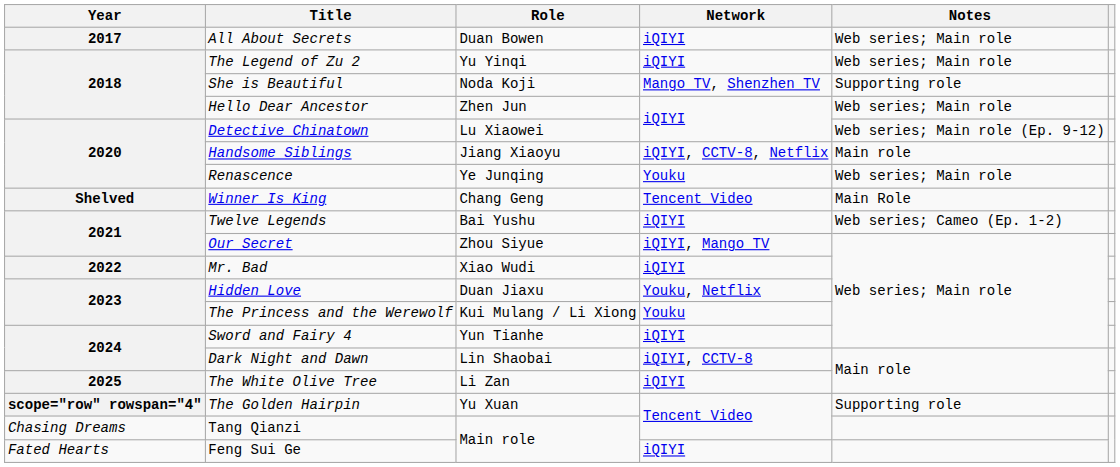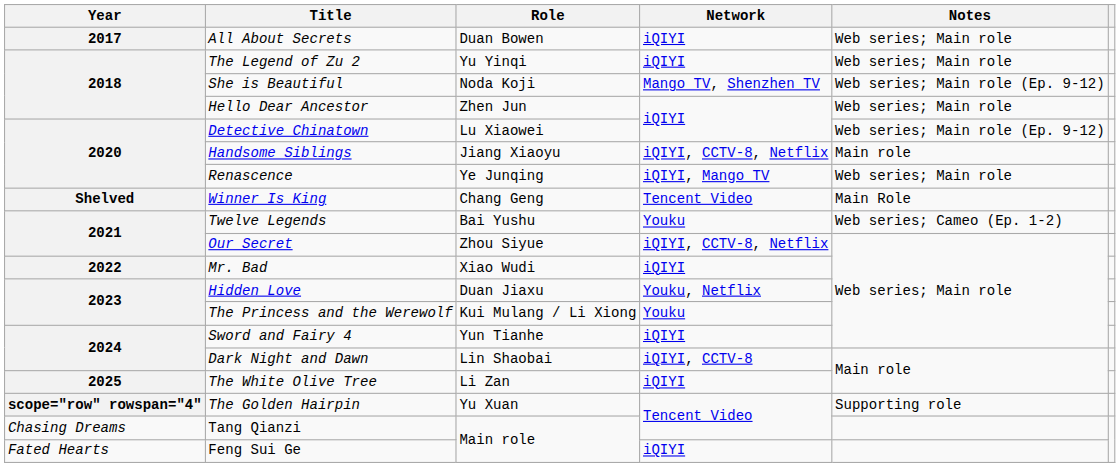 <table class="wikitable sortable plainrowheaders">
 <tr>
 <th scope="col">Year</th>
 <th scope="col">Title</th>
 <th scope="col">Role</th>
 <th scope="col">Network</th>
 <th scope="col">Notes</th>
 <th scope="col" class="unsortable"></th>
 </tr>
 <tr>
 <th scope="row">2017</th>
 <td><em>All About Secrets</em></td>
 <td>Duan Bowen</td>
 <td><a href='#'>iQIYI</a></td>
 <td>Web series; Main role</td>
 <td></td>
 </tr>
 <tr>
 <th scope="row" rowspan="3">2018</th>
 <td><em>The Legend of Zu 2</em></td>
 <td>Yu Yinqi</td>
 <td><a href='#'>iQIYI</a></td>
 <td>Web series; Main role</td>
 <td></td>
 </tr>
 <tr>
 <td><em>She is Beautiful</em></td>
 <td>Noda Koji</td>
 <td><a href='#'>Mango TV</a>, <a href='#'>Shenzhen TV</a></td>
-<td>Supporting role</td>
+<td>Web series; Main role (Ep. 9-12)</td>
 <td></td>
 </tr>
 <tr>
 <td><em>Hello Dear Ancestor</em></td>
 <td>Zhen Jun</td>
 <td rowspan="2"><a href='#'>iQIYI</a></td>
 <td>Web series; Main role</td>
 <td></td>
 </tr>
 <tr>
 <th scope="row" rowspan="3">2020</th>
 <td><em><a href='#'>Detective Chinatown</a></em></td>
 <td>Lu Xiaowei</td>
 <td>Web series; Main role (Ep. 9-12)</td>
 <td></td>
 </tr>
 <tr>
 <td><em><a href='#'>Handsome Siblings</a></em></td>
 <td>Jiang Xiaoyu</td>
 <td><a href='#'>iQIYI</a>, <a href='#'>CCTV-8</a>, <a href='#'>Netflix</a></td>
 <td>Main role</td>
 <td></td>
 </tr>
 <tr>
 <td><em>Renascence</em></td>
 <td>Ye Junqing</td>
-<td><a href='#'>Youku</a></td>
+<td><a href='#'>iQIYI</a>, <a href='#'>Mango TV</a></td>
 <td>Web series; Main role</td>
 <td></td>
 </tr>
 <tr>
 <th><strong>Shelved</strong></th>
 <td><em><a href='#'>Winner Is King</a></em></td>
 <td>Chang Geng</td>
 <td><a href='#'>Tencent Video</a></td>
 <td>Main Role</td>
 <td></td>
 </tr>
 <tr>
 <th scope="row" rowspan="2">2021</th>
 <td><em>Twelve Legends</em></td>
 <td>Bai Yushu</td>
-<td><a href='#'>iQIYI</a></td>
+<td><a href='#'>Youku</a></td>
 <td>Web series; Cameo (Ep. 1-2)</td>
 <td></td>
 </tr>
 <tr>
 <td><em><a href='#'>Our Secret</a></em></td>
 <td>Zhou Siyue</td>
-<td><a href='#'>iQIYI</a>, <a href='#'>Mango TV</a></td>
+<td><a href='#'>iQIYI</a>, <a href='#'>CCTV-8</a>, <a href='#'>Netflix</a></td>
 <td rowspan="5">Web series; Main role</td>
 <td></td>
 </tr>
 <tr>
 <th scope="row">2022</th>
 <td><em>Mr. Bad</em></td>
 <td>Xiao Wudi</td>
 <td><a href='#'>iQIYI</a></td>
 <td></td>
 </tr>
 <tr>
 <th scope="row" rowspan="2">2023</th>
 <td><em><a href='#'>Hidden Love</a></em></td>
 <td>Duan Jiaxu</td>
 <td><a href='#'>Youku</a>, <a href='#'>Netflix</a></td>
 <td></td>
 </tr>
 <tr>
 <td><em>The Princess and the Werewolf</em></td>
 <td>Kui Mulang / Li Xiong</td>
 <td><a href='#'>Youku</a></td>
 <td></td>
 </tr>
 <tr>
 <th scope="row" rowspan="2">2024</th>
 <td><em>Sword and Fairy 4</em></td>
 <td>Yun Tianhe</td>
 <td><a href='#'>iQIYI</a></td>
 <td></td>
 </tr>
 <tr>
 <td><em>Dark Night and Dawn</em></td>
 <td>Lin Shaobai</td>
 <td><a href='#'>iQIYI</a>, <a href='#'>CCTV-8</a></td>
 <td rowspan="2">Main role</td>
 <td></td>
 </tr>
 <tr>
 <th scope="row">2025</th>
 <td><em>The White Olive Tree</em></td>
 <td>Li Zan</td>
 <td><a href='#'>iQIYI</a></td>
 <td></td>
 </tr>
 <tr>
 <th>scope="row" rowspan="4" </th>
 <td><em>The Golden Hairpin</em></td>
 <td>Yu Xuan</td>
 <td rowspan="2"><a href='#'>Tencent Video</a></td>
 <td>Supporting role</td>
 <td></td>
 </tr>
 <tr>
 <td><em>Chasing Dreams</em></td>
 <td>Tang Qianzi</td>
 <td rowspan="2">Main role</td>
 <td></td>
 </tr>
 <tr>
 <td><em>Fated Hearts</em></td>
 <td>Feng Sui Ge</td>
 <td><a href='#'>iQIYI</a></td>
 <td></td>
 </tr>
 </table>
